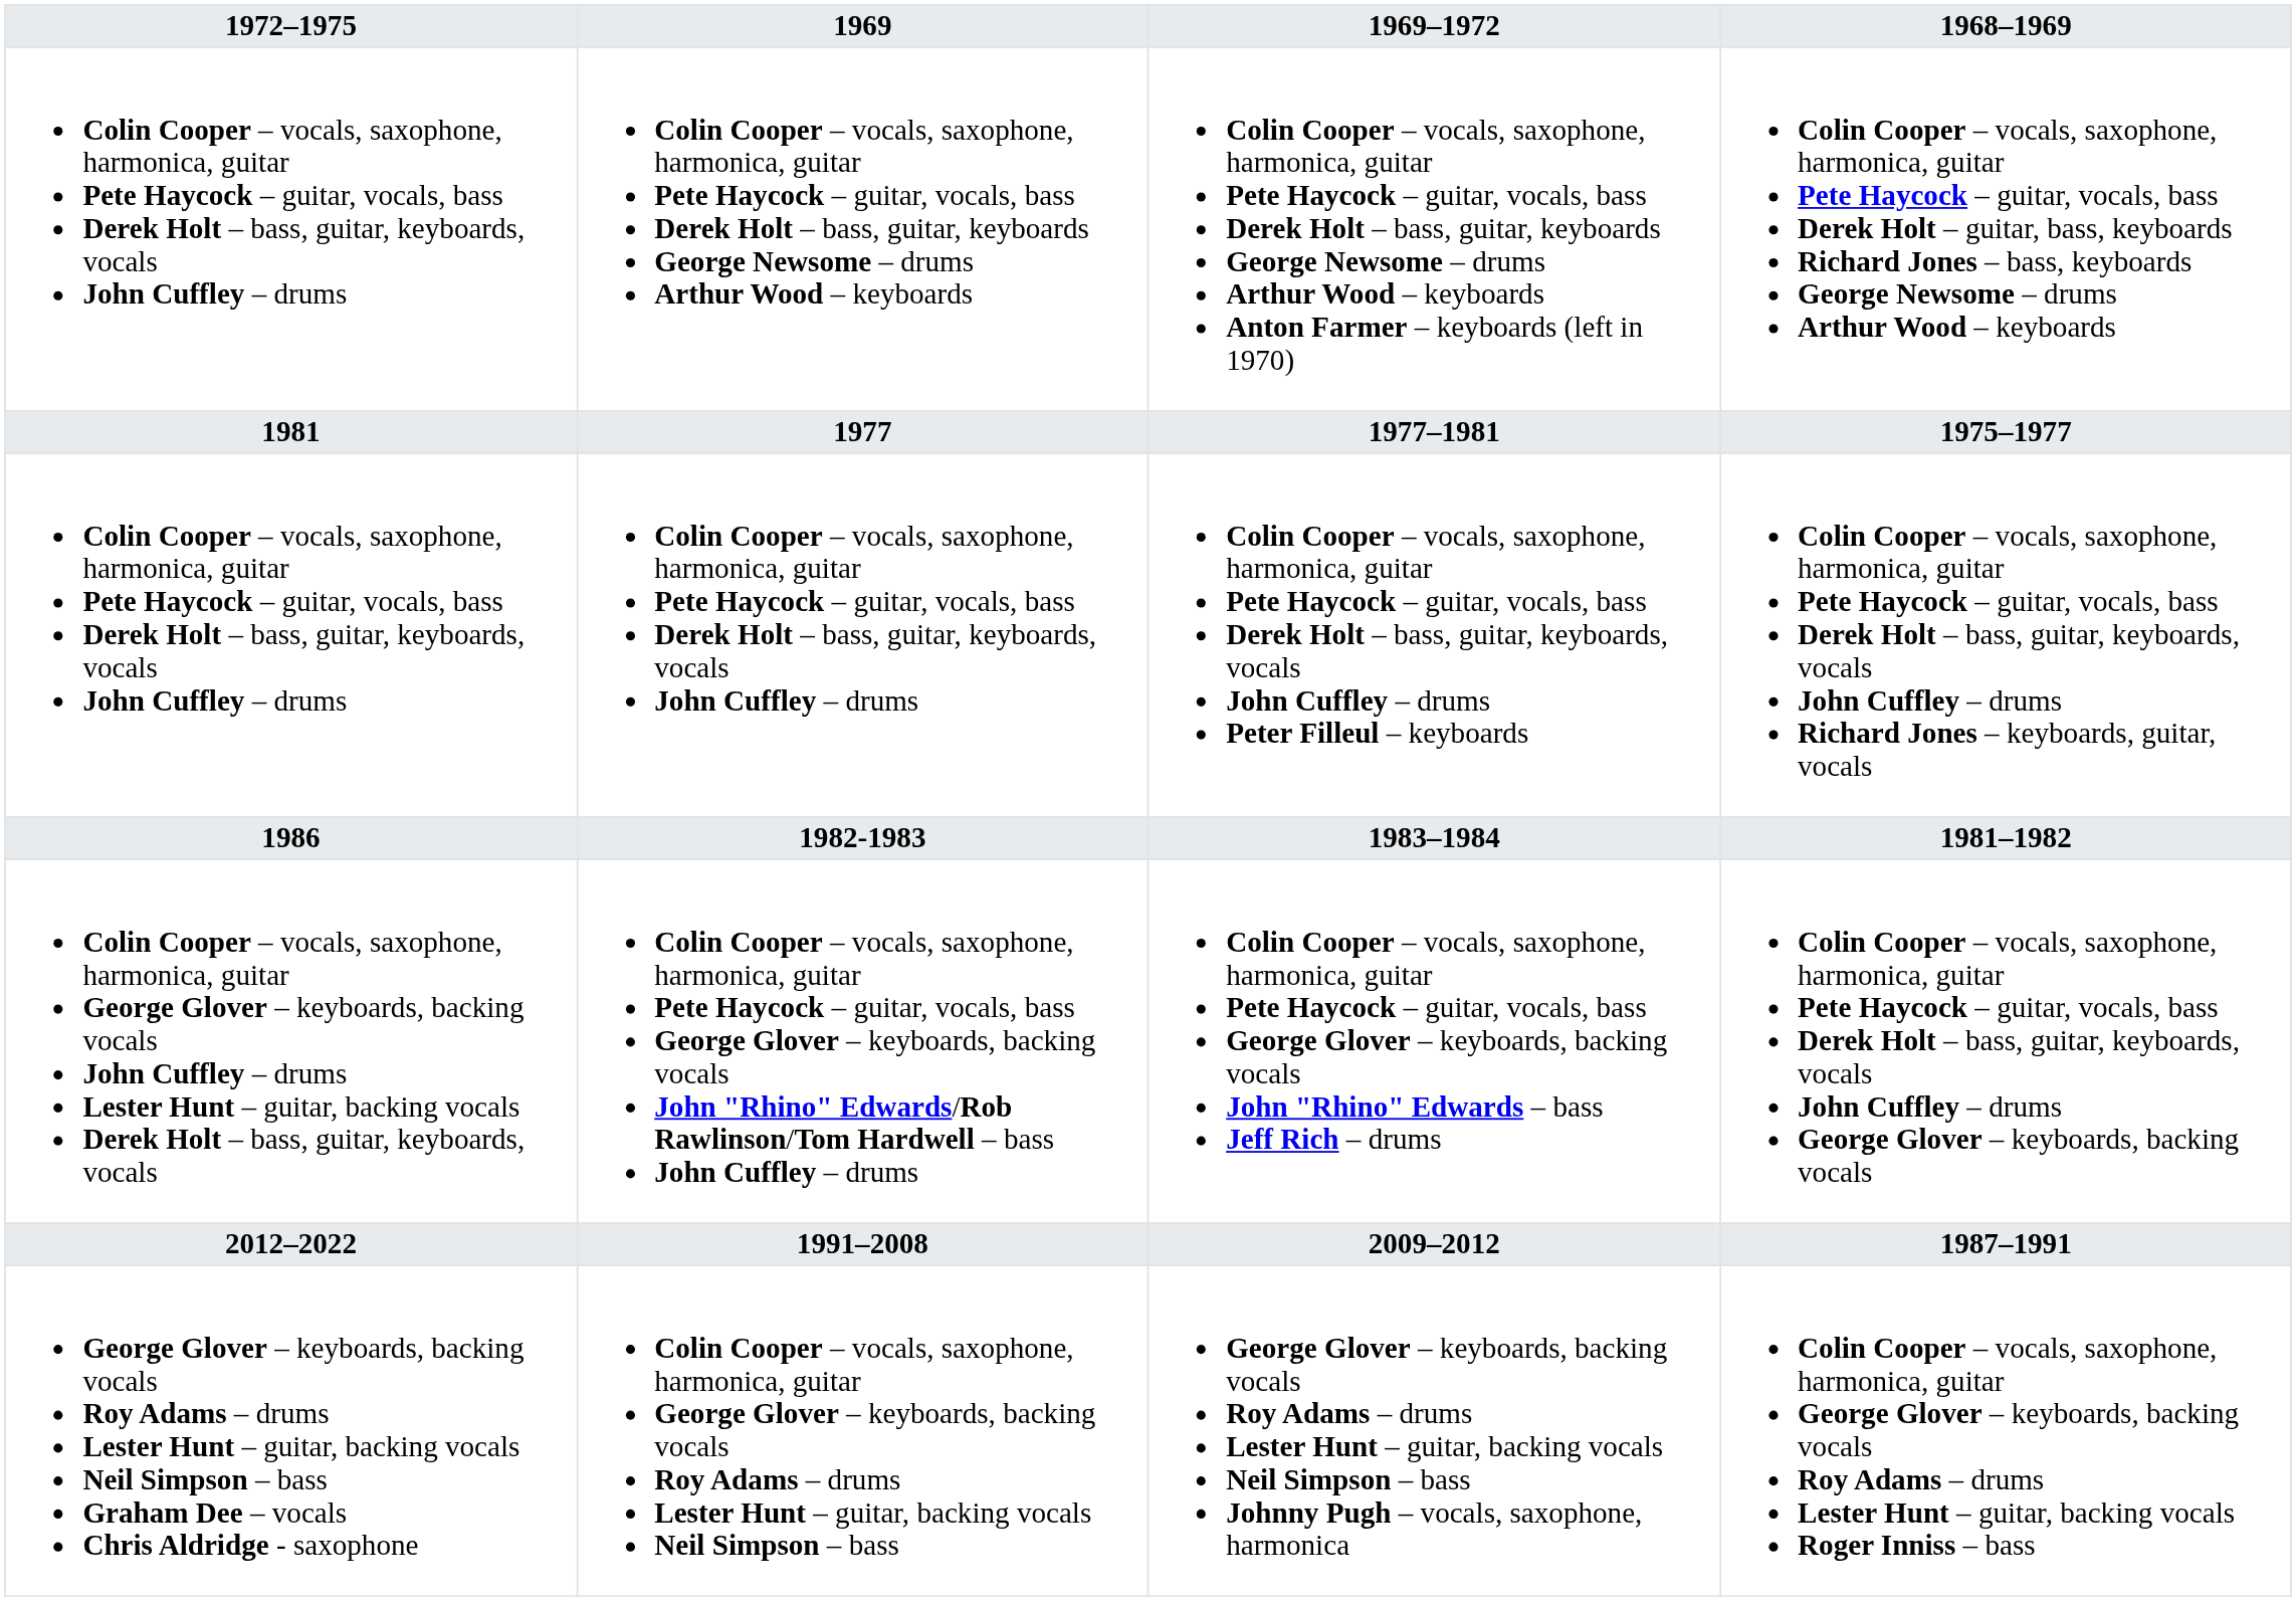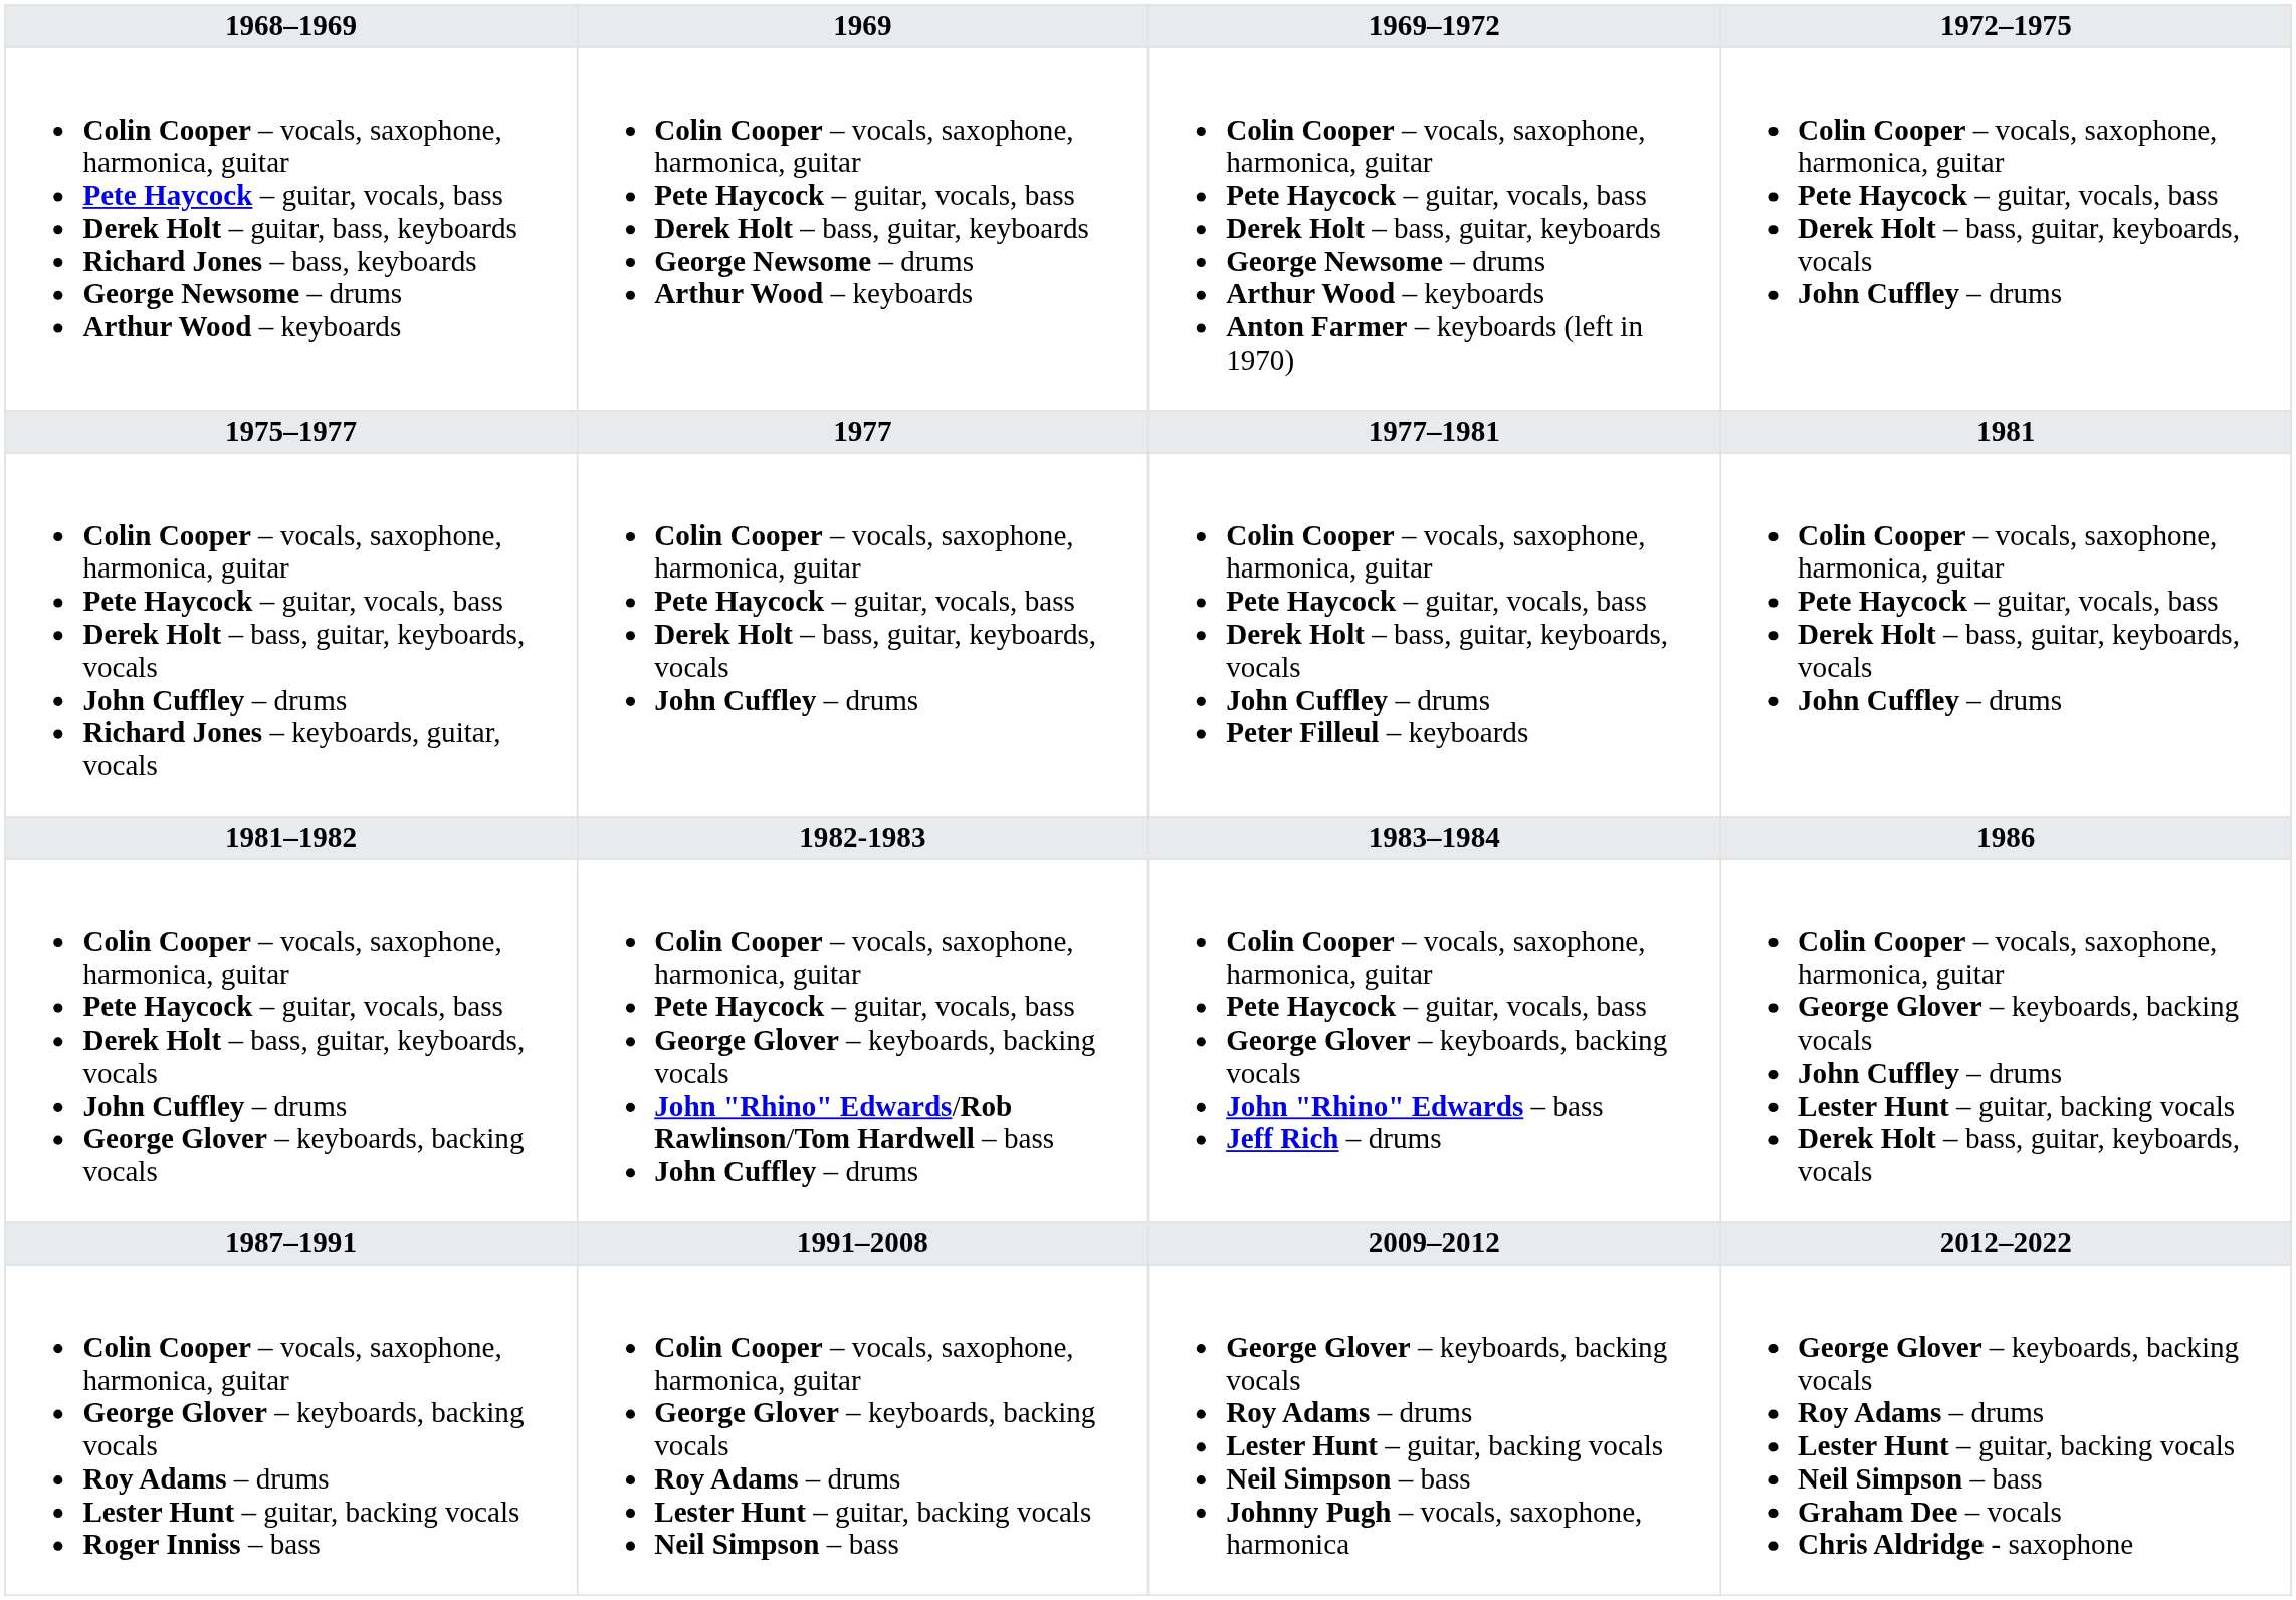 <table class="toccolours" border="1" cellpadding="2" cellspacing="0" style="float:width:375px; margin:0 0 1em 1em; border-collapse:collapse; border:1px solid #e2e2e2; width:99%;">
 <tr>
-<th style="vertical-align:top; background:#e7ebee; width:25%;">1972–1975</th>
+<th style="vertical-align:top; background:#e7ebee; width:25%;">1968–1969</th>
 <th style="vertical-align:top; background:#e7ebee; width:25%;">1969</th>
 <th style="vertical-align:top; background:#e7ebee; width:25%;">1969–1972</th>
-<th style="vertical-align:top; background:#e7ebee; width:25%;">1968–1969</th>
+<th style="vertical-align:top; background:#e7ebee; width:25%;">1972–1975</th>
 </tr>
 <tr>
-<td valign=top><br><ul><li><strong>Colin Cooper</strong> – vocals, saxophone, harmonica, guitar</li><li><strong>Pete Haycock</strong> – guitar, vocals, bass</li><li><strong>Derek Holt</strong> – bass, guitar, keyboards, vocals</li><li><strong>John Cuffley</strong> – drums</li></ul></td>
+<td valign=top><br><ul><li><strong>Colin Cooper</strong> – vocals, saxophone, harmonica, guitar</li><li><strong><a href='#'>Pete Haycock</a></strong> – guitar, vocals, bass</li><li><strong>Derek Holt</strong> – guitar, bass, keyboards</li><li><strong>Richard Jones</strong> – bass, keyboards</li><li><strong>George Newsome</strong> – drums</li><li><strong>Arthur Wood</strong> – keyboards</li></ul></td>
 <td valign=top><br><ul><li><strong>Colin Cooper</strong> – vocals, saxophone, harmonica, guitar</li><li><strong>Pete Haycock</strong> – guitar, vocals, bass</li><li><strong>Derek Holt</strong> – bass, guitar, keyboards</li><li><strong>George Newsome</strong> – drums</li><li><strong>Arthur Wood</strong> – keyboards</li></ul></td>
 <td valign=top><br><ul><li><strong>Colin Cooper</strong> – vocals, saxophone, harmonica, guitar</li><li><strong>Pete Haycock</strong> – guitar, vocals, bass</li><li><strong>Derek Holt</strong> – bass, guitar, keyboards</li><li><strong>George Newsome</strong> – drums</li><li><strong>Arthur Wood</strong> – keyboards</li><li><strong>Anton Farmer</strong> – keyboards (left in 1970)</li></ul></td>
-<td valign=top><br><ul><li><strong>Colin Cooper</strong> – vocals, saxophone, harmonica, guitar</li><li><strong><a href='#'>Pete Haycock</a></strong> – guitar, vocals, bass</li><li><strong>Derek Holt</strong> – guitar, bass, keyboards</li><li><strong>Richard Jones</strong> – bass, keyboards</li><li><strong>George Newsome</strong> – drums</li><li><strong>Arthur Wood</strong> – keyboards</li></ul></td>
+<td valign=top><br><ul><li><strong>Colin Cooper</strong> – vocals, saxophone, harmonica, guitar</li><li><strong>Pete Haycock</strong> – guitar, vocals, bass</li><li><strong>Derek Holt</strong> – bass, guitar, keyboards, vocals</li><li><strong>John Cuffley</strong> – drums</li></ul></td>
 </tr>
 <tr>
-<th style="vertical-align:top; background:#e7ebee; width:25%;">1981</th>
+<th style="vertical-align:top; background:#e7ebee; width:25%;">1975–1977</th>
 <th style="vertical-align:top; background:#e7ebee; width:25%;">1977</th>
 <th style="vertical-align:top; background:#e7ebee; width:25%;">1977–1981</th>
-<th style="vertical-align:top; background:#e7ebee; width:25%;">1975–1977</th>
+<th style="vertical-align:top; background:#e7ebee; width:25%;">1981</th>
 </tr>
 <tr>
-<td valign=top><br><ul><li><strong>Colin Cooper</strong> – vocals, saxophone, harmonica, guitar</li><li><strong>Pete Haycock</strong> – guitar, vocals, bass</li><li><strong>Derek Holt</strong> – bass, guitar, keyboards, vocals</li><li><strong>John Cuffley</strong> – drums</li></ul></td>
+<td valign=top><br><ul><li><strong>Colin Cooper</strong> – vocals, saxophone, harmonica, guitar</li><li><strong>Pete Haycock</strong> – guitar, vocals, bass</li><li><strong>Derek Holt</strong> – bass, guitar, keyboards, vocals</li><li><strong>John Cuffley</strong> – drums</li><li><strong>Richard Jones</strong> – keyboards, guitar, vocals</li></ul></td>
 <td valign=top><br><ul><li><strong>Colin Cooper</strong> – vocals, saxophone, harmonica, guitar</li><li><strong>Pete Haycock</strong> – guitar, vocals, bass</li><li><strong>Derek Holt</strong> – bass, guitar, keyboards, vocals</li><li><strong>John Cuffley</strong> – drums</li></ul></td>
 <td valign=top><br><ul><li><strong>Colin Cooper</strong> – vocals, saxophone, harmonica, guitar</li><li><strong>Pete Haycock</strong> – guitar, vocals, bass</li><li><strong>Derek Holt</strong> – bass, guitar, keyboards, vocals</li><li><strong>John Cuffley</strong> – drums</li><li><strong>Peter Filleul</strong> – keyboards</li></ul></td>
-<td valign=top><br><ul><li><strong>Colin Cooper</strong> – vocals, saxophone, harmonica, guitar</li><li><strong>Pete Haycock</strong> – guitar, vocals, bass</li><li><strong>Derek Holt</strong> – bass, guitar, keyboards, vocals</li><li><strong>John Cuffley</strong> – drums</li><li><strong>Richard Jones</strong> – keyboards, guitar, vocals</li></ul></td>
+<td valign=top><br><ul><li><strong>Colin Cooper</strong> – vocals, saxophone, harmonica, guitar</li><li><strong>Pete Haycock</strong> – guitar, vocals, bass</li><li><strong>Derek Holt</strong> – bass, guitar, keyboards, vocals</li><li><strong>John Cuffley</strong> – drums</li></ul></td>
 </tr>
 <tr>
-<th style="vertical-align:top; background:#e7ebee; width:25%;">1986</th>
+<th style="vertical-align:top; background:#e7ebee; width:25%;">1981–1982</th>
 <th style="vertical-align:top; background:#e7ebee; width:25%;">1982-1983</th>
 <th style="vertical-align:top; background:#e7ebee; width:25%;">1983–1984</th>
-<th style="vertical-align:top; background:#e7ebee; width:25%;">1981–1982</th>
+<th style="vertical-align:top; background:#e7ebee; width:25%;">1986</th>
 </tr>
 <tr>
-<td valign=top><br><ul><li><strong>Colin Cooper</strong> – vocals, saxophone, harmonica, guitar</li><li><strong>George Glover</strong> – keyboards, backing vocals</li><li><strong>John Cuffley</strong> – drums</li><li><strong>Lester Hunt</strong> – guitar, backing vocals</li><li><strong>Derek Holt</strong> – bass, guitar, keyboards, vocals</li></ul></td>
+<td valign=top><br><ul><li><strong>Colin Cooper</strong> – vocals, saxophone, harmonica, guitar</li><li><strong>Pete Haycock</strong> – guitar, vocals, bass</li><li><strong>Derek Holt</strong> – bass, guitar, keyboards, vocals</li><li><strong>John Cuffley</strong> – drums</li><li><strong>George Glover</strong> – keyboards, backing vocals</li></ul></td>
 <td valign=top><br><ul><li><strong>Colin Cooper</strong> – vocals, saxophone, harmonica, guitar</li><li><strong>Pete Haycock</strong> – guitar, vocals, bass</li><li><strong>George Glover</strong> – keyboards, backing vocals</li><li><strong><a href='#'>John "Rhino" Edwards</a></strong>/<strong>Rob Rawlinson</strong>/<strong>Tom Hardwell</strong> – bass</li><li><strong>John Cuffley</strong> – drums</li></ul></td>
 <td valign=top><br><ul><li><strong>Colin Cooper</strong> – vocals, saxophone, harmonica, guitar</li><li><strong>Pete Haycock</strong> – guitar, vocals, bass</li><li><strong>George Glover</strong> – keyboards, backing vocals</li><li><strong><a href='#'>John "Rhino" Edwards</a></strong> – bass</li><li><strong><a href='#'>Jeff Rich</a></strong> – drums</li></ul></td>
-<td valign=top><br><ul><li><strong>Colin Cooper</strong> – vocals, saxophone, harmonica, guitar</li><li><strong>Pete Haycock</strong> – guitar, vocals, bass</li><li><strong>Derek Holt</strong> – bass, guitar, keyboards, vocals</li><li><strong>John Cuffley</strong> – drums</li><li><strong>George Glover</strong> – keyboards, backing vocals</li></ul></td>
+<td valign=top><br><ul><li><strong>Colin Cooper</strong> – vocals, saxophone, harmonica, guitar</li><li><strong>George Glover</strong> – keyboards, backing vocals</li><li><strong>John Cuffley</strong> – drums</li><li><strong>Lester Hunt</strong> – guitar, backing vocals</li><li><strong>Derek Holt</strong> – bass, guitar, keyboards, vocals</li></ul></td>
 </tr>
 <tr>
-<th style="vertical-align:top; background:#e7ebee; width:25%;">2012–2022</th>
+<th style="vertical-align:top; background:#e7ebee; width:25%;">1987–1991</th>
 <th style="vertical-align:top; background:#e7ebee; width:25%;">1991–2008</th>
 <th style="vertical-align:top; background:#e7ebee; width:25%;">2009–2012</th>
-<th style="vertical-align:top; background:#e7ebee; width:25%;">1987–1991</th>
+<th style="vertical-align:top; background:#e7ebee; width:25%;">2012–2022</th>
 </tr>
 <tr>
-<td valign=top><br><ul><li><strong>George Glover</strong> – keyboards, backing vocals</li><li><strong>Roy Adams</strong> – drums</li><li><strong>Lester Hunt</strong> – guitar, backing vocals</li><li><strong>Neil Simpson</strong> – bass</li><li><strong>Graham Dee</strong> – vocals</li><li><strong>Chris Aldridge</strong> - saxophone</li></ul></td>
+<td valign=top><br><ul><li><strong>Colin Cooper</strong> – vocals, saxophone, harmonica, guitar</li><li><strong>George Glover</strong> – keyboards, backing vocals</li><li><strong>Roy Adams</strong> – drums</li><li><strong>Lester Hunt</strong> – guitar, backing vocals</li><li><strong>Roger Inniss</strong> – bass</li></ul></td>
 <td valign=top><br><ul><li><strong>Colin Cooper</strong> – vocals, saxophone, harmonica, guitar</li><li><strong>George Glover</strong> – keyboards, backing vocals</li><li><strong>Roy Adams</strong> – drums</li><li><strong>Lester Hunt</strong> – guitar, backing vocals</li><li><strong>Neil Simpson</strong> – bass</li></ul></td>
 <td valign=top><br><ul><li><strong>George Glover</strong> – keyboards, backing vocals</li><li><strong>Roy Adams</strong> – drums</li><li><strong>Lester Hunt</strong> – guitar, backing vocals</li><li><strong>Neil Simpson</strong> – bass</li><li><strong>Johnny Pugh</strong> – vocals, saxophone, harmonica</li></ul></td>
-<td valign=top><br><ul><li><strong>Colin Cooper</strong> – vocals, saxophone, harmonica, guitar</li><li><strong>George Glover</strong> – keyboards, backing vocals</li><li><strong>Roy Adams</strong> – drums</li><li><strong>Lester Hunt</strong> – guitar, backing vocals</li><li><strong>Roger Inniss</strong> – bass</li></ul></td>
+<td valign=top><br><ul><li><strong>George Glover</strong> – keyboards, backing vocals</li><li><strong>Roy Adams</strong> – drums</li><li><strong>Lester Hunt</strong> – guitar, backing vocals</li><li><strong>Neil Simpson</strong> – bass</li><li><strong>Graham Dee</strong> – vocals</li><li><strong>Chris Aldridge</strong> - saxophone</li></ul></td>
 </tr>
 </table>
